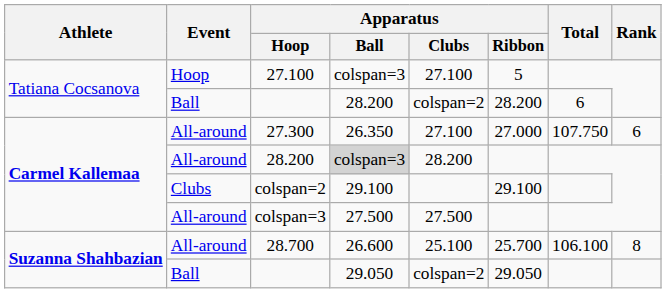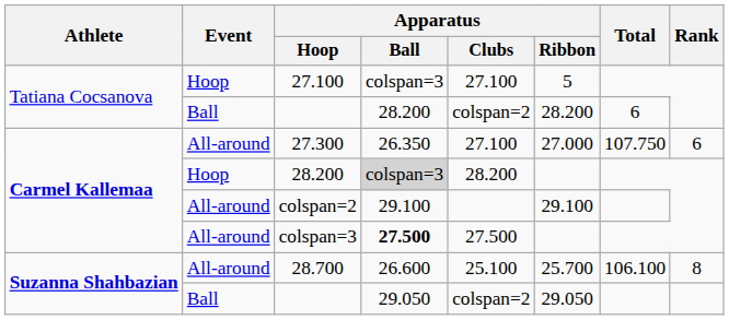 <table class=wikitable style="font-size:90%">
 <tr>
 <th rowspan=2>Athlete</th>
 <th rowspan=2>Event</th>
 <th colspan=4>Apparatus</th>
 <th rowspan=2>Total</th>
 <th rowspan=2>Rank</th>
 </tr>
 <tr style="font-size:95%;">
 <th>Hoop</th>
 <th>Ball</th>
 <th>Clubs</th>
 <th>Ribbon</th>
 </tr>
 <tr align=center>
 <td align=left rowspan=2><a href='#'>Tatiana Cocsanova</a></td>
 <td align=left><a href='#'>Hoop</a></td>
 <td>27.100</td>
 <td>colspan=3 </td>
 <td>27.100</td>
 <td>5</td>
 </tr>
 <tr align=center>
 <td align=left><a href='#'>Ball</a></td>
 <td></td>
 <td>28.200</td>
 <td>colspan=2 </td>
 <td>28.200</td>
 <td>6</td>
 </tr>
 <tr align=center>
 <td align=left rowspan=4><strong><a href='#'>Carmel Kallemaa</a></strong></td>
 <td align=left><a href='#'>All-around</a></td>
 <td>27.300</td>
 <td>26.350</td>
 <td>27.100</td>
 <td>27.000</td>
 <td>107.750</td>
 <td>6</td>
 </tr>
 <tr align=center>
-<td align=left><a href='#'>All-around</a></td>
+<td align=left><a href='#'>Hoop</a></td>
 <td>28.200</td>
 <td style="background: lightgrey;">colspan=3 </td>
 <td>28.200</td>
 <td></td>
 </tr>
 <tr align=center>
-<td align=left><a href='#'>Clubs</a></td>
+<td align=left><a href='#'>All-around</a></td>
 <td>colspan=2 </td>
 <td>29.100</td>
 <td></td>
 <td>29.100</td>
 <td></td>
 </tr>
 <tr align=center>
 <td align=left><a href='#'>All-around</a></td>
 <td>colspan=3 </td>
-<td>27.500</td>
+<td><strong>27.500</strong></td>
 <td>27.500</td>
 <td></td>
 </tr>
 <tr align=center>
 <td align=left rowspan=2><strong><a href='#'>Suzanna Shahbazian</a></strong></td>
 <td align=left><a href='#'>All-around</a></td>
 <td>28.700</td>
 <td>26.600</td>
 <td>25.100</td>
 <td>25.700</td>
 <td>106.100</td>
 <td>8</td>
 </tr>
 <tr align=center>
 <td align=left><a href='#'>Ball</a></td>
 <td></td>
 <td>29.050</td>
 <td>colspan=2 </td>
 <td>29.050</td>
 <td></td>
 </tr>
 </table>
